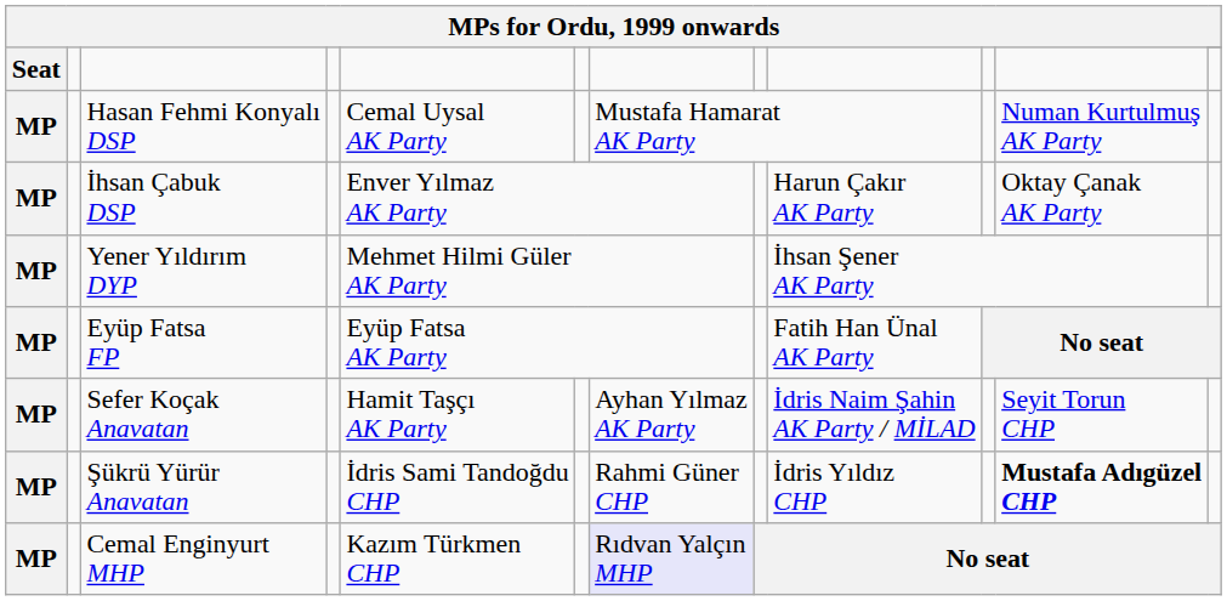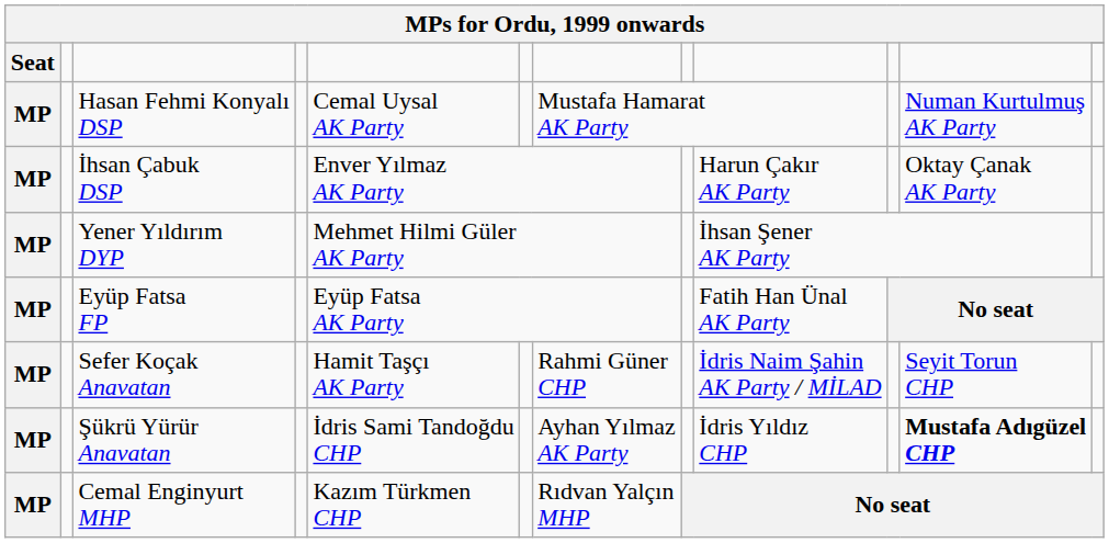 <table class="wikitable">
 <tr>
 <th colspan = 12>MPs for Ordu, 1999 onwards</th>
 </tr>
 <tr>
 <th rowspan = 2>Seat</th>
 <td rowspan="2" style="width:1px;"></td>
 <td rowspan = 2></td>
 <td rowspan="2" style="width:1px;"></td>
 <td rowspan = 2></td>
 <td rowspan="2" style="width:1px;"></td>
 <td rowspan = 2></td>
 <td rowspan="2" style="width:1px;"></td>
 <td rowspan = 2></td>
 <td rowspan="2" style="width:1px;"></td>
 <td rowspan = 2></td>
 </tr>
 <tr>
 <td></td>
 </tr>
 <tr>
 <th>MP</th>
 <td width=1px style="background-color: "></td>
 <td colspan = 1>Hasan Fehmi Konyalı<br><em><a href='#'>DSP</a></em></td>
 <td width=1px style="background-color: "></td>
 <td colspan = 1>Cemal Uysal<br><em><a href='#'>AK Party</a></em></td>
 <td width=1px style="background-color: "></td>
 <td colspan = 3>Mustafa Hamarat<br><em><a href='#'>AK Party</a></em></td>
 <td width=1px style="background-color: "></td>
 <td colspan = 1><a href='#'>Numan Kurtulmuş</a><br><em><a href='#'>AK Party</a></em></td>
 <td width=1px style="background-color: "></td>
 </tr>
 <tr>
 <th>MP</th>
 <td width=1px style="background-color: "></td>
 <td colspan = 1>İhsan Çabuk<br><em><a href='#'>DSP</a></em></td>
 <td width=1px style="background-color: "></td>
 <td colspan = 3>Enver Yılmaz<br><em><a href='#'>AK Party</a></em></td>
 <td width=1px style="background-color: "></td>
 <td colspan = 1>Harun Çakır<br><em><a href='#'>AK Party</a></em></td>
 <td width=1px style="background-color: "></td>
 <td colspan = 1>Oktay Çanak<br><em><a href='#'>AK Party</a></em></td>
 <td width=1px style="background-color: "></td>
 </tr>
 <tr>
 <th>MP</th>
 <td width=1px style="background-color: "></td>
 <td colspan = 1>Yener Yıldırım<br><em><a href='#'>DYP</a></em></td>
 <td width=1px style="background-color: "></td>
 <td colspan = 3>Mehmet Hilmi Güler<br><em><a href='#'>AK Party</a></em></td>
 <td width=1px style="background-color: "></td>
 <td colspan = 3>İhsan Şener<br><em><a href='#'>AK Party</a></em></td>
 <td width=1px style="background-color: "></td>
 </tr>
 <tr>
 <th>MP</th>
 <td width=1px style="background-color: "></td>
 <td colspan = 1>Eyüp Fatsa<br><em><a href='#'>FP</a></em></td>
 <td width=1px style="background-color: "></td>
 <td colspan = 3>Eyüp Fatsa<br><em><a href='#'>AK Party</a></em></td>
 <td width=1px style="background-color: "></td>
 <td colspan = 1>Fatih Han Ünal<br><em><a href='#'>AK Party</a></em></td>
 <th colspan = 3>No seat</th>
 </tr>
 <tr>
 <th>MP</th>
 <td width=1px style="background-color: "></td>
 <td colspan = 1>Sefer Koçak<br><em><a href='#'>Anavatan</a></em></td>
 <td width=1px style="background-color: "></td>
 <td colspan = 1>Hamit Taşçı<br><em><a href='#'>AK Party</a></em></td>
 <td width=1px style="background-color: "></td>
-<td colspan = 1>Ayhan Yılmaz<br><em><a href='#'>AK Party</a></em></td>
+<td colspan = 1>Rahmi Güner<br><em><a href='#'>CHP</a></em></td>
 <td width=1px style="background-color: "></td>
 <td colspan = 1><a href='#'>İdris Naim Şahin</a><br><em><a href='#'>AK Party</a> / <a href='#'>MİLAD</a></em></td>
 <td width=1px style="background-color: "></td>
 <td colspan = 1><a href='#'>Seyit Torun</a><br><em><a href='#'>CHP</a></em></td>
 <td width=1px style="background-color: "></td>
 </tr>
 <tr>
 <th>MP</th>
 <td width=1px style="background-color: "></td>
 <td colspan = 1>Şükrü Yürür<br><em><a href='#'>Anavatan</a></em></td>
 <td width=1px style="background-color: "></td>
 <td colspan = 1>İdris Sami Tandoğdu<br><em><a href='#'>CHP</a></em></td>
 <td width=1px style="background-color: "></td>
-<td colspan = 1>Rahmi Güner<br><em><a href='#'>CHP</a></em></td>
+<td colspan = 1>Ayhan Yılmaz<br><em><a href='#'>AK Party</a></em></td>
 <td width=1px style="background-color: "></td>
 <td colspan = 1>İdris Yıldız<br><em><a href='#'>CHP</a></em></td>
 <td width=1px style="background-color: "></td>
 <td colspan = 1><strong>Mustafa Adıgüzel<br><em><a href='#'>CHP</a></em></strong></td>
 <td width=1px style="background-color: "></td>
 </tr>
 <tr>
 <th>MP</th>
 <td width=1px style="background-color: "></td>
 <td colspan = 1>Cemal Enginyurt<br><em><a href='#'>MHP</a></em></td>
 <td width=1px style="background-color: "></td>
 <td colspan = 1>Kazım Türkmen<br><em><a href='#'>CHP</a></em></td>
 <td width=1px style="background-color: "></td>
-<td colspan = 1 style="background: lavender;">Rıdvan Yalçın<br><em><a href='#'>MHP</a></em></td>
+<td colspan = 1>Rıdvan Yalçın<br><em><a href='#'>MHP</a></em></td>
 <th colspan = 5>No seat</th>
 </tr>
 </table>
